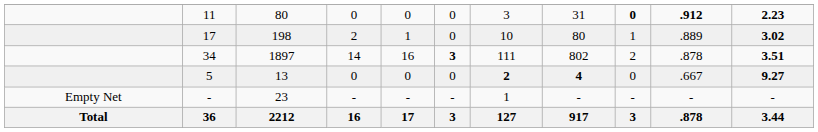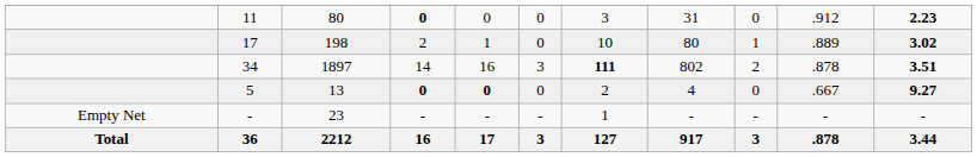 <table class="wikitable sortable" width ="1000">
 <tr align="center">
 </tr>
 <tr align="center" bgcolor="">
 <td></td>
 <td>11</td>
 <td>80</td>
-<td>0</td>
+<td><strong>0</strong></td>
 <td>0</td>
 <td>0</td>
 <td>3</td>
 <td>31</td>
-<td><strong>0</strong></td>
-<td><strong>.912</strong></td>
+<td>0</td>
+<td>.912</td>
 <td><strong>2.23</strong></td>
 </tr>
 <tr align="center" bgcolor="f0f0f0">
 <td></td>
 <td>17</td>
 <td>198</td>
 <td>2</td>
 <td>1</td>
 <td>0</td>
 <td>10</td>
 <td>80</td>
 <td>1</td>
 <td>.889</td>
 <td><strong>3.02</strong></td>
 </tr>
 <tr align="center" bgcolor="">
 <td></td>
 <td>34</td>
 <td>1897</td>
 <td>14</td>
 <td>16</td>
-<td><strong>3</strong></td>
-<td>111</td>
+<td>3</td>
+<td><strong>111</strong></td>
 <td>802</td>
 <td>2</td>
 <td>.878</td>
 <td><strong>3.51</strong></td>
 </tr>
 <tr align="center" bgcolor="f0f0f0">
 <td></td>
 <td>5</td>
 <td>13</td>
+<td><strong>0</strong></td>
+<td><strong>0</strong></td>
 <td>0</td>
-<td>0</td>
-<td>0</td>
-<td><strong>2</strong></td>
-<td><strong>4</strong></td>
+<td>2</td>
+<td>4</td>
 <td>0</td>
 <td>.667</td>
 <td><strong>9.27</strong></td>
 </tr>
 <tr align="center" bgcolor="">
 <td>Empty Net</td>
 <td>-</td>
 <td>23</td>
 <td>-</td>
 <td>-</td>
 <td>-</td>
 <td>1</td>
 <td>-</td>
 <td>-</td>
 <td>-</td>
 <td>-</td>
 </tr>
 <tr>
 <th>Total</th>
 <th>36</th>
 <th>2212</th>
 <th>16</th>
 <th>17</th>
 <th>3</th>
 <th>127</th>
 <th>917</th>
 <th>3</th>
 <th>.878</th>
 <th>3.44</th>
 </tr>
 </table>
